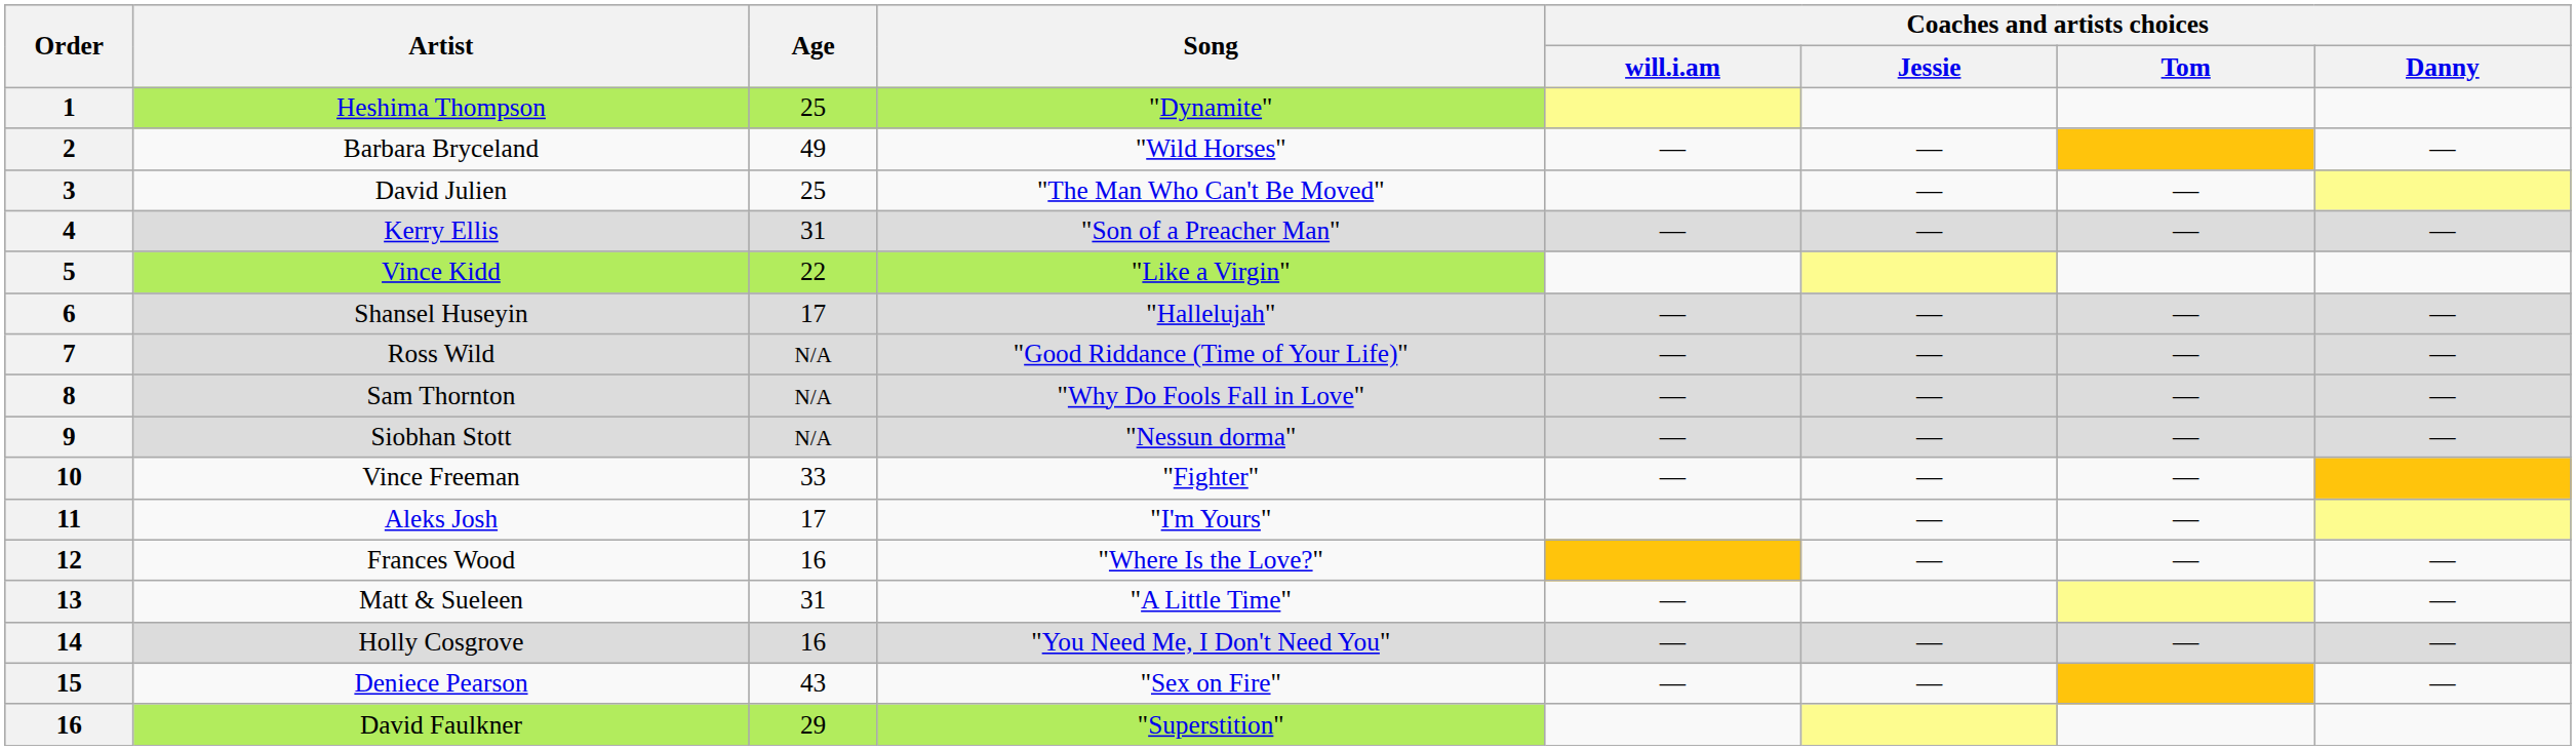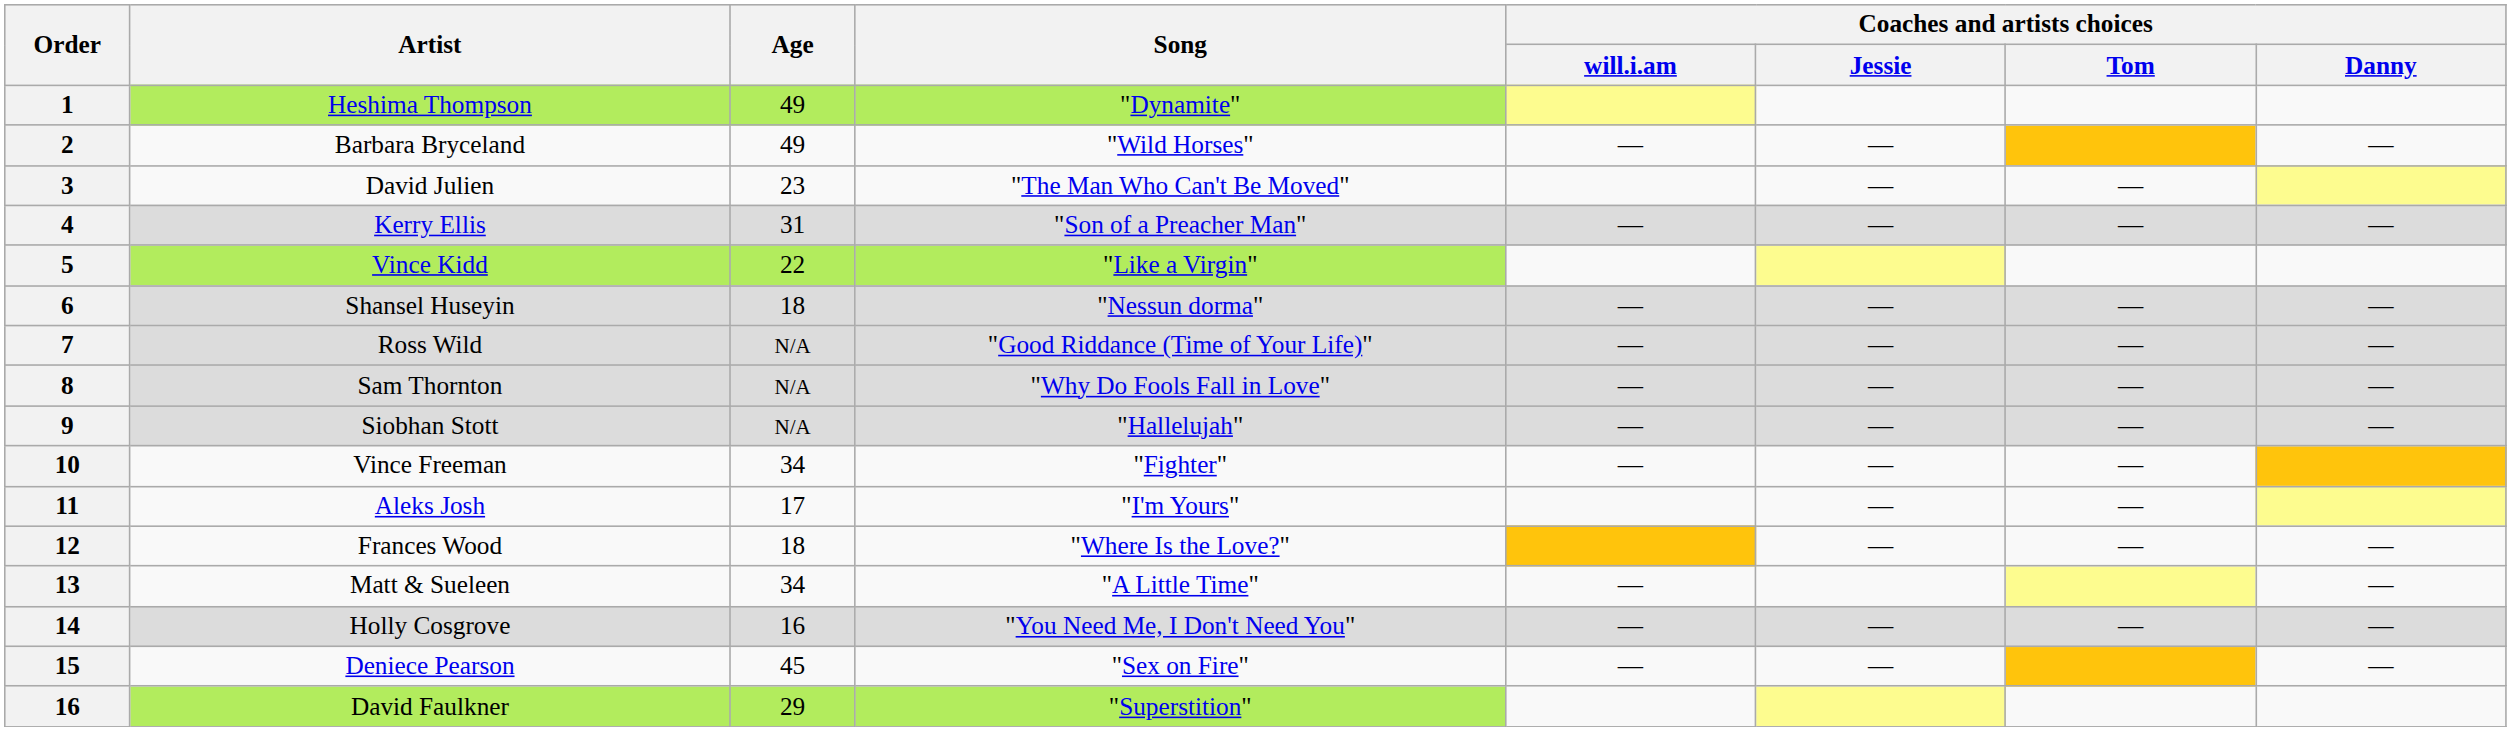 <table class="wikitable" style="text-align:center; width:100%;">
 <tr>
 <th scope="col" rowspan="2" width="05%">Order</th>
 <th scope="col" rowspan="2" width="24%">Artist</th>
 <th scope="col" rowspan="2" width="05%">Age</th>
 <th scope="col" rowspan="2" width="26%">Song</th>
 <th colspan="4" width="40%">Coaches and artists choices</th>
 </tr>
 <tr>
 <th width="10%"><a href='#'>will.i.am</a></th>
 <th width="10%"><a href='#'>Jessie</a></th>
 <th width="10%"><a href='#'>Tom</a></th>
 <th width="10%"><a href='#'>Danny</a></th>
 </tr>
 <tr>
 <th scope="col">1</th>
 <td style="background-color:#B2EC5D;"><a href='#'>Heshima Thompson</a></td>
-<td style="background-color:#B2EC5D;">25</td>
+<td style="background-color:#B2EC5D;">49</td>
 <td style="background-color:#B2EC5D;">"<a href='#'>Dynamite</a>"</td>
 <td style="background:#fdfc8f;text-align:center;"><strong></strong></td>
 <td><strong></strong></td>
 <td><strong></strong></td>
 <td><strong></strong></td>
 </tr>
 <tr>
 <th scope="col">2</th>
 <td>Barbara Bryceland</td>
 <td>49</td>
 <td>"<a href='#'>Wild Horses</a>"</td>
 <td>—</td>
 <td>—</td>
 <td style="background:#FFC40C;text-align:center;"><strong></strong></td>
 <td>—</td>
 </tr>
 <tr>
 <th scope="col">3</th>
 <td>David Julien</td>
-<td>25</td>
+<td>23</td>
 <td>"<a href='#'>The Man Who Can't Be Moved</a>"</td>
 <td><strong></strong></td>
 <td>—</td>
 <td>—</td>
 <td style="background:#fdfc8f;text-align:center;"><strong></strong></td>
 </tr>
 <tr style="background:#DCDCDC">
 <th scope="col">4</th>
 <td><a href='#'>Kerry Ellis</a></td>
 <td>31</td>
 <td>"<a href='#'>Son of a Preacher Man</a>"</td>
 <td>—</td>
 <td>—</td>
 <td>—</td>
 <td>—</td>
 </tr>
 <tr>
 <th scope="col">5</th>
 <td style="background-color:#B2EC5D;"><a href='#'>Vince Kidd</a></td>
 <td style="background-color:#B2EC5D;">22</td>
 <td style="background-color:#B2EC5D;">"<a href='#'>Like a Virgin</a>"</td>
 <td><strong></strong></td>
 <td style="background:#fdfc8f;text-align:center;"><strong></strong></td>
 <td><strong></strong></td>
 <td><strong></strong></td>
 </tr>
 <tr style="background:#DCDCDC">
 <th scope="col">6</th>
 <td>Shansel Huseyin</td>
-<td>17</td>
-<td>"<a href='#'>Hallelujah</a>"</td>
+<td>18</td>
+<td>"<a href='#'>Nessun dorma</a>"</td>
 <td>—</td>
 <td>—</td>
 <td>—</td>
 <td>—</td>
 </tr>
 <tr style="background:#DCDCDC">
 <th scope="col">7</th>
 <td>Ross Wild</td>
 <td><small>N/A</small></td>
 <td>"<a href='#'>Good Riddance (Time of Your Life)</a>"</td>
 <td>—</td>
 <td>—</td>
 <td>—</td>
 <td>—</td>
 </tr>
 <tr style="background:#DCDCDC">
 <th scope="col">8</th>
 <td>Sam Thornton</td>
 <td><small>N/A</small></td>
 <td>"<a href='#'>Why Do Fools Fall in Love</a>"</td>
 <td>—</td>
 <td>—</td>
 <td>—</td>
 <td>—</td>
 </tr>
 <tr style="background:#DCDCDC">
 <th scope="col">9</th>
 <td>Siobhan Stott</td>
 <td><small>N/A</small></td>
-<td>"<a href='#'>Nessun dorma</a>"</td>
+<td>"<a href='#'>Hallelujah</a>"</td>
 <td>—</td>
 <td>—</td>
 <td>—</td>
 <td>—</td>
 </tr>
 <tr>
 <th scope="col">10</th>
 <td>Vince Freeman</td>
-<td>33</td>
+<td>34</td>
 <td>"<a href='#'>Fighter</a>"</td>
 <td>—</td>
 <td>—</td>
 <td>—</td>
 <td style="background:#FFC40C;text-align:center;"><strong></strong></td>
 </tr>
 <tr>
 <th scope="col">11</th>
 <td><a href='#'>Aleks Josh</a></td>
 <td>17</td>
 <td>"<a href='#'>I'm Yours</a>"</td>
 <td><strong></strong></td>
 <td>—</td>
 <td>—</td>
 <td style="background:#fdfc8f;text-align:center;"><strong></strong></td>
 </tr>
 <tr>
 <th scope="col">12</th>
 <td>Frances Wood</td>
-<td>16</td>
+<td>18</td>
 <td>"<a href='#'>Where Is the Love?</a>"</td>
 <td style="background:#FFC40C;text-align:center;"><strong></strong></td>
 <td>—</td>
 <td>—</td>
 <td>—</td>
 </tr>
 <tr>
 <th scope="col">13</th>
 <td>Matt & Sueleen</td>
-<td>31</td>
+<td>34</td>
 <td>"<a href='#'>A Little Time</a>"</td>
 <td>—</td>
 <td><strong></strong></td>
 <td style="background:#fdfc8f;text-align:center;"><strong></strong></td>
 <td>—</td>
 </tr>
 <tr style="background:#DCDCDC">
 <th scope="col">14</th>
 <td>Holly Cosgrove</td>
 <td>16</td>
 <td>"<a href='#'>You Need Me, I Don't Need You</a>"</td>
 <td>—</td>
 <td>—</td>
 <td>—</td>
 <td>—</td>
 </tr>
 <tr>
 <th scope="col">15</th>
 <td><a href='#'>Deniece Pearson</a></td>
-<td>43</td>
+<td>45</td>
 <td>"<a href='#'>Sex on Fire</a>"</td>
 <td>—</td>
 <td>—</td>
 <td style="background:#FFC40C;text-align:center;"><strong></strong></td>
 <td>—</td>
 </tr>
 <tr>
 <th scope="col">16</th>
 <td style="background-color:#B2EC5D;">David Faulkner</td>
 <td style="background-color:#B2EC5D;">29</td>
 <td style="background-color:#B2EC5D;">"<a href='#'>Superstition</a>"</td>
 <td><strong></strong></td>
 <td style="background:#fdfc8f;text-align:center;"><strong></strong></td>
 <td><strong></strong></td>
 <td><strong></strong></td>
 </tr>
 </table>
